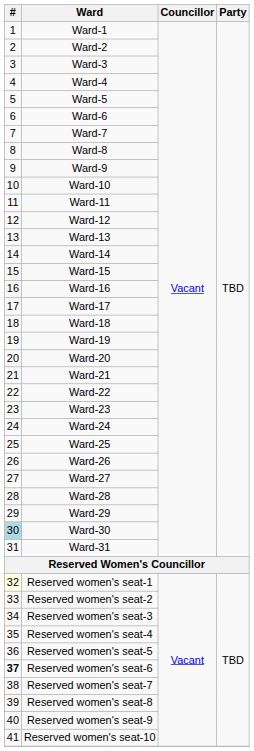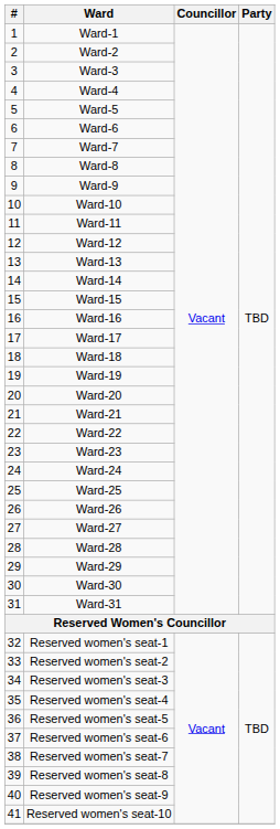 <table class="wikitable sortable" style="text-align:center;">
 <tr>
 <th>#</th>
 <th>Ward</th>
 <th>Councillor</th>
 <th colspan="2">Party</th>
 </tr>
 <tr>
 <td>1</td>
 <td>Ward-1</td>
 <td rowspan="31"><a href='#'>Vacant</a></td>
 <td colspan="2" rowspan="31" bgcolor="">TBD</td>
 </tr>
 <tr>
 <td>2</td>
 <td>Ward-2</td>
 </tr>
 <tr>
 <td>3</td>
 <td>Ward-3</td>
 </tr>
 <tr>
 <td>4</td>
 <td>Ward-4</td>
 </tr>
 <tr>
 <td>5</td>
 <td>Ward-5</td>
 </tr>
 <tr>
 <td>6</td>
 <td>Ward-6</td>
 </tr>
 <tr>
 <td>7</td>
 <td>Ward-7</td>
 </tr>
 <tr>
 <td>8</td>
 <td>Ward-8</td>
 </tr>
 <tr>
 <td>9</td>
 <td>Ward-9</td>
 </tr>
 <tr>
 <td>10</td>
 <td>Ward-10</td>
 </tr>
 <tr>
 <td>11</td>
 <td>Ward-11</td>
 </tr>
 <tr>
 <td>12</td>
 <td>Ward-12</td>
 </tr>
 <tr>
 <td>13</td>
 <td>Ward-13</td>
 </tr>
 <tr>
 <td>14</td>
 <td>Ward-14</td>
 </tr>
 <tr>
 <td>15</td>
 <td>Ward-15</td>
 </tr>
 <tr>
 <td>16</td>
 <td>Ward-16</td>
 </tr>
 <tr>
 <td>17</td>
 <td>Ward-17</td>
 </tr>
 <tr>
 <td>18</td>
 <td>Ward-18</td>
 </tr>
 <tr>
 <td>19</td>
 <td>Ward-19</td>
 </tr>
 <tr>
 <td>20</td>
 <td>Ward-20</td>
 </tr>
 <tr>
 <td>21</td>
 <td>Ward-21</td>
 </tr>
 <tr>
 <td>22</td>
 <td>Ward-22</td>
 </tr>
 <tr>
 <td>23</td>
 <td>Ward-23</td>
 </tr>
 <tr>
 <td>24</td>
 <td>Ward-24</td>
 </tr>
 <tr>
 <td>25</td>
 <td>Ward-25</td>
 </tr>
 <tr>
 <td>26</td>
 <td>Ward-26</td>
 </tr>
 <tr>
 <td>27</td>
 <td>Ward-27</td>
 </tr>
 <tr>
 <td>28</td>
 <td>Ward-28</td>
 </tr>
 <tr>
 <td>29</td>
 <td>Ward-29</td>
 </tr>
 <tr>
-<td style="background: lightblue;">30</td>
+<td>30</td>
 <td>Ward-30</td>
 </tr>
 <tr>
 <td>31</td>
 <td>Ward-31</td>
 </tr>
 <tr>
 <th colspan="5"><strong>Reserved Women's Councillor</strong></th>
 </tr>
 <tr>
-<td style="background: lightyellow;">32</td>
+<td>32</td>
 <td>Reserved women's seat-1</td>
 <td rowspan="10"><a href='#'>Vacant</a></td>
 <td colspan="2" rowspan="10" bgcolor="">TBD</td>
 </tr>
 <tr>
 <td>33</td>
 <td>Reserved women's seat-2</td>
 </tr>
 <tr>
 <td>34</td>
 <td>Reserved women's seat-3</td>
 </tr>
 <tr>
 <td>35</td>
 <td>Reserved women's seat-4</td>
 </tr>
 <tr>
 <td>36</td>
 <td>Reserved women's seat-5</td>
 </tr>
 <tr>
-<td><strong>37</strong></td>
+<td>37</td>
 <td>Reserved women's seat-6</td>
 </tr>
 <tr>
 <td>38</td>
 <td>Reserved women's seat-7</td>
 </tr>
 <tr>
 <td>39</td>
 <td>Reserved women's seat-8</td>
 </tr>
 <tr>
 <td>40</td>
 <td>Reserved women's seat-9</td>
 </tr>
 <tr>
 <td>41</td>
 <td>Reserved women's seat-10</td>
 </tr>
 <tr>
 </tr>
 </table>
